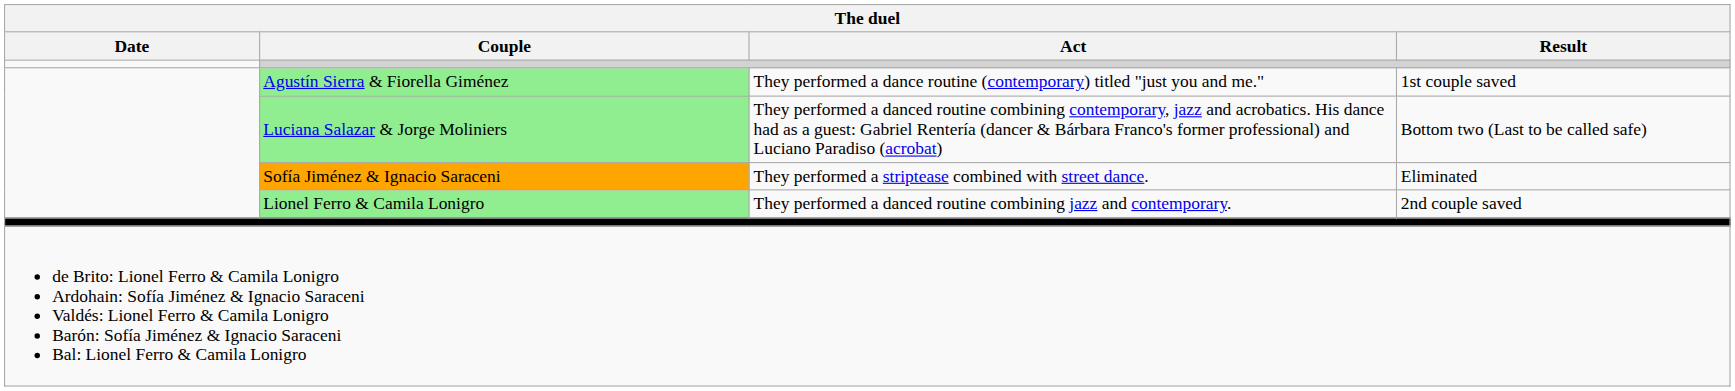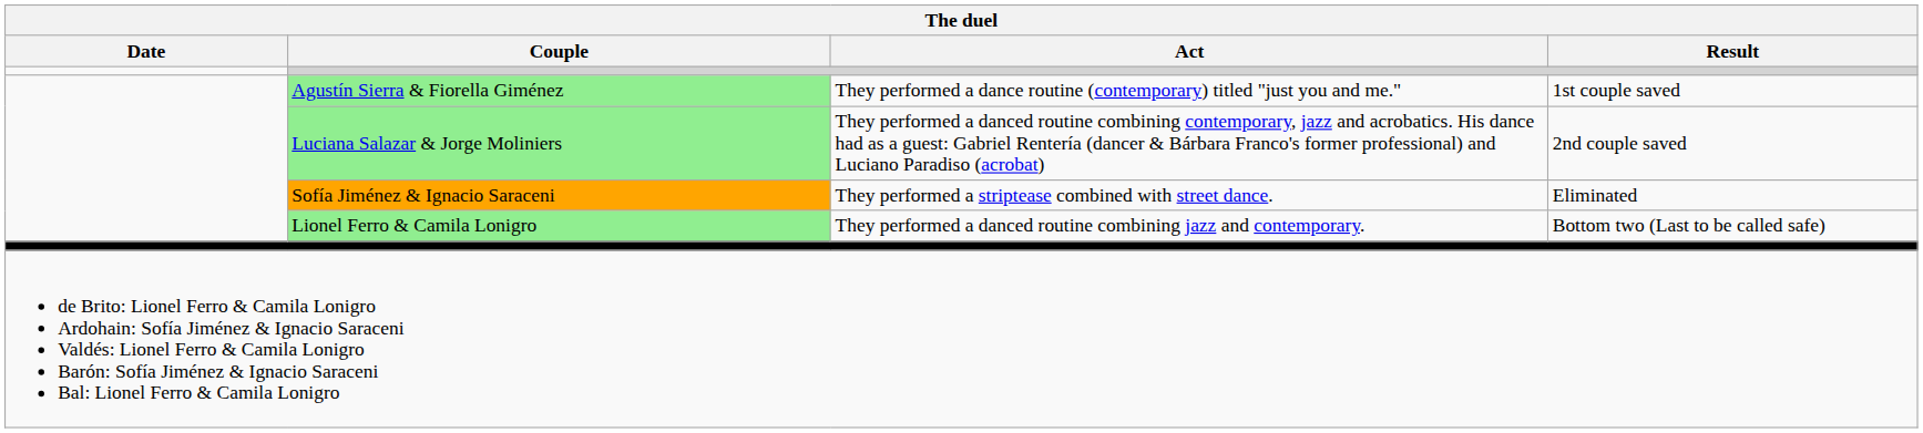 <table class="wikitable collapsible collapsed" style="text-align: align; width: 100%;">
 <tr>
 <th colspan="11" style="with: 100%;" align="center">The duel</th>
 </tr>
 <tr>
 <th width=90>Date</th>
 <th width=180>Couple</th>
 <th width=240>Act</th>
 <th width=120>Result</th>
 </tr>
 <tr>
 <td></td>
 <td colspan="3" bgcolor="lightgrey"></td>
 </tr>
 <tr>
 <td rowspan="4"></td>
 <td bgcolor="lightgreen"><a href='#'>Agustín Sierra</a> & Fiorella Giménez</td>
 <td>They performed a dance routine (<a href='#'>contemporary</a>) titled "just you and me."<br></td>
 <td>1st couple saved</td>
 </tr>
 <tr>
 <td bgcolor="lightgreen"><a href='#'>Luciana Salazar</a> & Jorge Moliniers</td>
 <td>They performed a danced routine combining <a href='#'>contemporary</a>, <a href='#'>jazz</a> and acrobatics. His dance had as a guest: Gabriel Rentería (dancer & Bárbara Franco's former professional) and Luciano Paradiso (<a href='#'>acrobat</a>)<br></td>
-<td>Bottom two (Last to be called safe)</td>
+<td>2nd couple saved</td>
 </tr>
 <tr>
 <td bgcolor="orange">Sofía Jiménez & Ignacio Saraceni</td>
 <td>They performed a <a href='#'>striptease</a> combined with <a href='#'>street dance</a>.<br></td>
 <td>Eliminated</td>
 </tr>
 <tr>
 <td bgcolor="lightgreen">Lionel Ferro & Camila Lonigro</td>
 <td>They performed a danced routine combining <a href='#'>jazz</a> and <a href='#'>contemporary</a>.<br></td>
-<td>2nd couple saved</td>
+<td>Bottom two (Last to be called safe)</td>
 </tr>
 <tr>
 <th style="background:black" colspan="4"></th>
 </tr>
 <tr>
 <td colspan="4"><br><ul><li>de Brito: Lionel Ferro & Camila Lonigro</li><li>Ardohain: Sofía Jiménez & Ignacio Saraceni</li><li>Valdés: Lionel Ferro & Camila Lonigro</li><li>Barón: Sofía Jiménez & Ignacio Saraceni</li><li>Bal: Lionel Ferro & Camila Lonigro</li></ul></td>
 </tr>
 </table>
